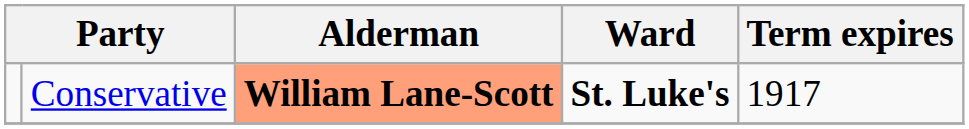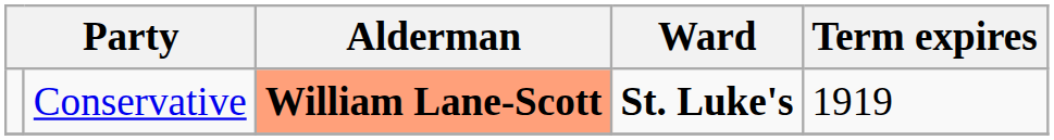 <table class="wikitable">
 <tr>
 <th colspan="2">Party</th>
 <th>Alderman</th>
 <th>Ward</th>
 <th>Term expires</th>
 </tr>
 <tr>
 <td style="background-color:"></td>
 <td><a href='#'>Conservative</a></td>
 <td style="background: lightsalmon;"><strong>William Lane-Scott</strong></td>
 <td><strong>St. Luke's</strong></td>
-<td>1917</td>
+<td>1919</td>
 </tr>
 <tr>
 </tr>
 </table>
